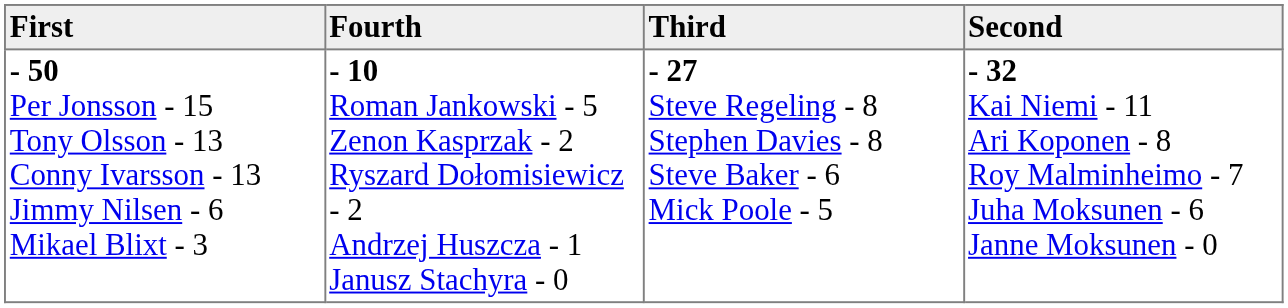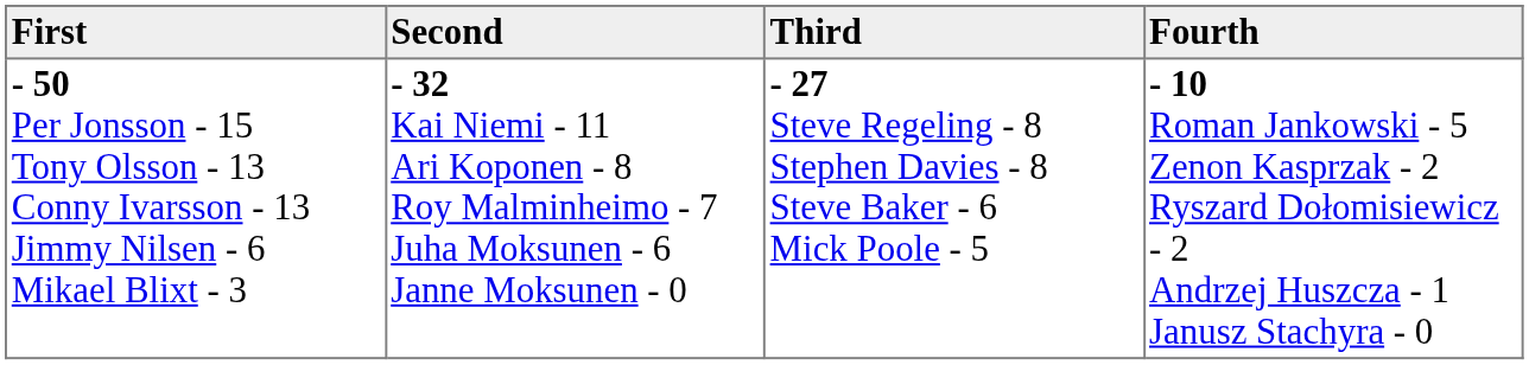 <table border=1 cellpadding=2 cellspacing=0 width=75% style="border-collapse:collapse">
 <tr align=left style="background:#efefef;">
 <th width=20%>First</th>
+<th width=20%>Second</th>
+<th width=20%>Third</th>
 <th width=20%>Fourth</th>
-<th width=20%>Third</th>
-<th width=20%>Second</th>
 </tr>
 <tr align=left>
 <td valign=top><strong> - 50</strong><br><a href='#'>Per Jonsson</a> - 15 <br><a href='#'>Tony Olsson</a> - 13 <br><a href='#'>Conny Ivarsson</a> - 13 <br><a href='#'>Jimmy Nilsen</a> - 6 <br><a href='#'>Mikael Blixt</a> - 3</td>
+<td valign=top><strong> - 32</strong><br><a href='#'>Kai Niemi</a> - 11 <br><a href='#'>Ari Koponen</a> - 8 <br><a href='#'>Roy Malminheimo</a> - 7 <br><a href='#'>Juha Moksunen</a> - 6 <br><a href='#'>Janne Moksunen</a> - 0</td>
+<td valign=top><strong> - 27</strong><br><a href='#'>Steve Regeling</a> - 8 <br><a href='#'>Stephen Davies</a> - 8 <br><a href='#'>Steve Baker</a> - 6 <br><a href='#'>Mick Poole</a> - 5</td>
 <td valign=top><strong> - 10</strong><br><a href='#'>Roman Jankowski</a> - 5 <br><a href='#'>Zenon Kasprzak</a> - 2 <br><a href='#'>Ryszard Dołomisiewicz</a> - 2 <br><a href='#'>Andrzej Huszcza</a> - 1 <br><a href='#'>Janusz Stachyra</a> - 0</td>
-<td valign=top><strong> - 27</strong><br><a href='#'>Steve Regeling</a> - 8 <br><a href='#'>Stephen Davies</a> - 8 <br><a href='#'>Steve Baker</a> - 6 <br><a href='#'>Mick Poole</a> - 5</td>
-<td valign=top><strong> - 32</strong><br><a href='#'>Kai Niemi</a> - 11 <br><a href='#'>Ari Koponen</a> - 8 <br><a href='#'>Roy Malminheimo</a> - 7 <br><a href='#'>Juha Moksunen</a> - 6 <br><a href='#'>Janne Moksunen</a> - 0</td>
 </tr>
 </table>
